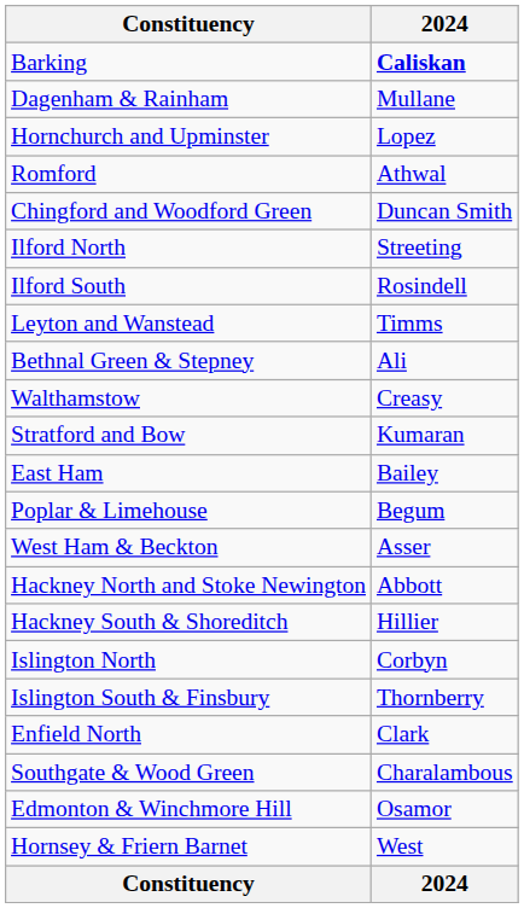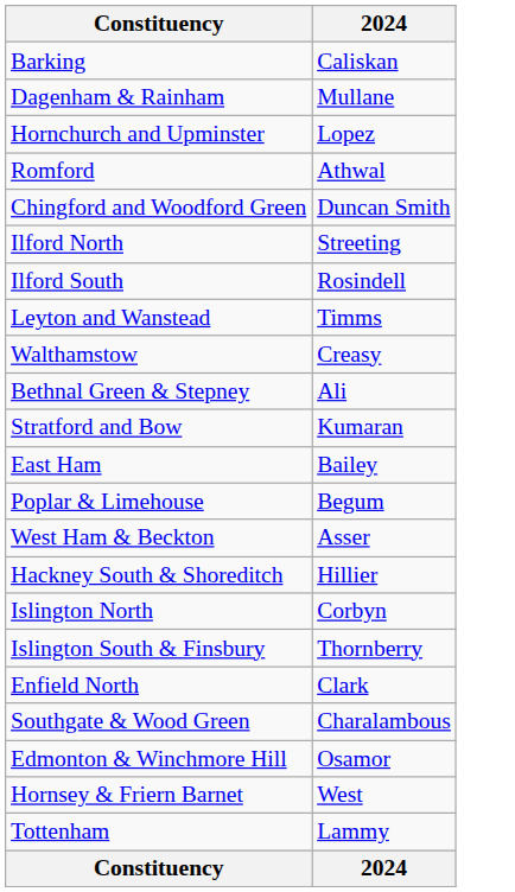 <table class="wikitable">
 <tr>
 <th>Constituency</th>
 <th>2024</th>
 </tr>
 <tr>
 <td><a href='#'>Barking</a></td>
-<td><strong><a href='#'>Caliskan</a></strong></td>
+<td><a href='#'>Caliskan</a></td>
 </tr>
 <tr>
 <td><a href='#'>Dagenham & Rainham</a></td>
 <td><a href='#'>Mullane</a></td>
 </tr>
 <tr>
 <td><a href='#'>Hornchurch and Upminster</a></td>
 <td colspan="1"><a href='#'>Lopez</a></td>
 </tr>
 <tr>
 <td><a href='#'>Romford</a></td>
 <td><a href='#'>Athwal</a></td>
 </tr>
 <tr>
 <td><a href='#'>Chingford and Woodford Green</a></td>
 <td colspan="1"><a href='#'>Duncan Smith</a></td>
 </tr>
 <tr>
 <td><a href='#'>Ilford North</a></td>
 <td colspan="1"><a href='#'>Streeting</a></td>
 </tr>
 <tr>
 <td><a href='#'>Ilford South</a></td>
 <td colspan="1"><a href='#'>Rosindell</a></td>
 </tr>
 <tr>
 <td><a href='#'>Leyton and Wanstead</a></td>
 <td colspan="1"><a href='#'>Timms</a></td>
 </tr>
 <tr>
+<td><a href='#'>Walthamstow</a></td>
+<td colspan="1"><a href='#'>Creasy</a></td>
+</tr>
+<tr>
 <td><a href='#'>Bethnal Green & Stepney</a></td>
 <td colspan="1"><a href='#'>Ali</a></td>
-</tr>
-<tr>
-<td><a href='#'>Walthamstow</a></td>
-<td colspan="1"><a href='#'>Creasy</a></td>
 </tr>
 <tr>
 <td><a href='#'>Stratford and Bow</a></td>
 <td><a href='#'>Kumaran</a></td>
 </tr>
 <tr>
 <td><a href='#'>East Ham</a></td>
 <td><a href='#'>Bailey</a></td>
 </tr>
 <tr>
 <td><a href='#'>Poplar & Limehouse</a></td>
 <td colspan="1"><a href='#'>Begum</a></td>
 </tr>
 <tr>
 <td><a href='#'>West Ham & Beckton</a></td>
 <td><a href='#'>Asser</a></td>
-</tr>
-<tr>
-<td><a href='#'>Hackney North and Stoke Newington</a></td>
-<td colspan="1"><a href='#'>Abbott</a></td>
 </tr>
 <tr>
 <td><a href='#'>Hackney South & Shoreditch</a></td>
 <td colspan="1"><a href='#'>Hillier</a></td>
 </tr>
 <tr>
 <td><a href='#'>Islington North</a></td>
 <td colspan="1"><a href='#'>Corbyn</a></td>
 </tr>
 <tr>
 <td><a href='#'>Islington South & Finsbury</a></td>
 <td colspan="1"><a href='#'>Thornberry</a></td>
 </tr>
 <tr>
 <td><a href='#'>Enfield North</a></td>
 <td colspan="1"><a href='#'>Clark</a></td>
 </tr>
 <tr>
 <td><a href='#'>Southgate & Wood Green</a></td>
 <td colspan="1"><a href='#'>Charalambous</a></td>
 </tr>
 <tr>
 <td><a href='#'>Edmonton & Winchmore Hill</a></td>
 <td colspan="1"><a href='#'>Osamor</a></td>
 </tr>
 <tr>
 <td><a href='#'>Hornsey & Friern Barnet</a></td>
 <td colspan="1"><a href='#'>West</a></td>
 </tr>
 <tr>
+<td><a href='#'>Tottenham</a></td>
+<td colspan="1"><a href='#'>Lammy</a></td>
+</tr>
+<tr>
 <th>Constituency</th>
 <th>2024</th>
 </tr>
 </table>
